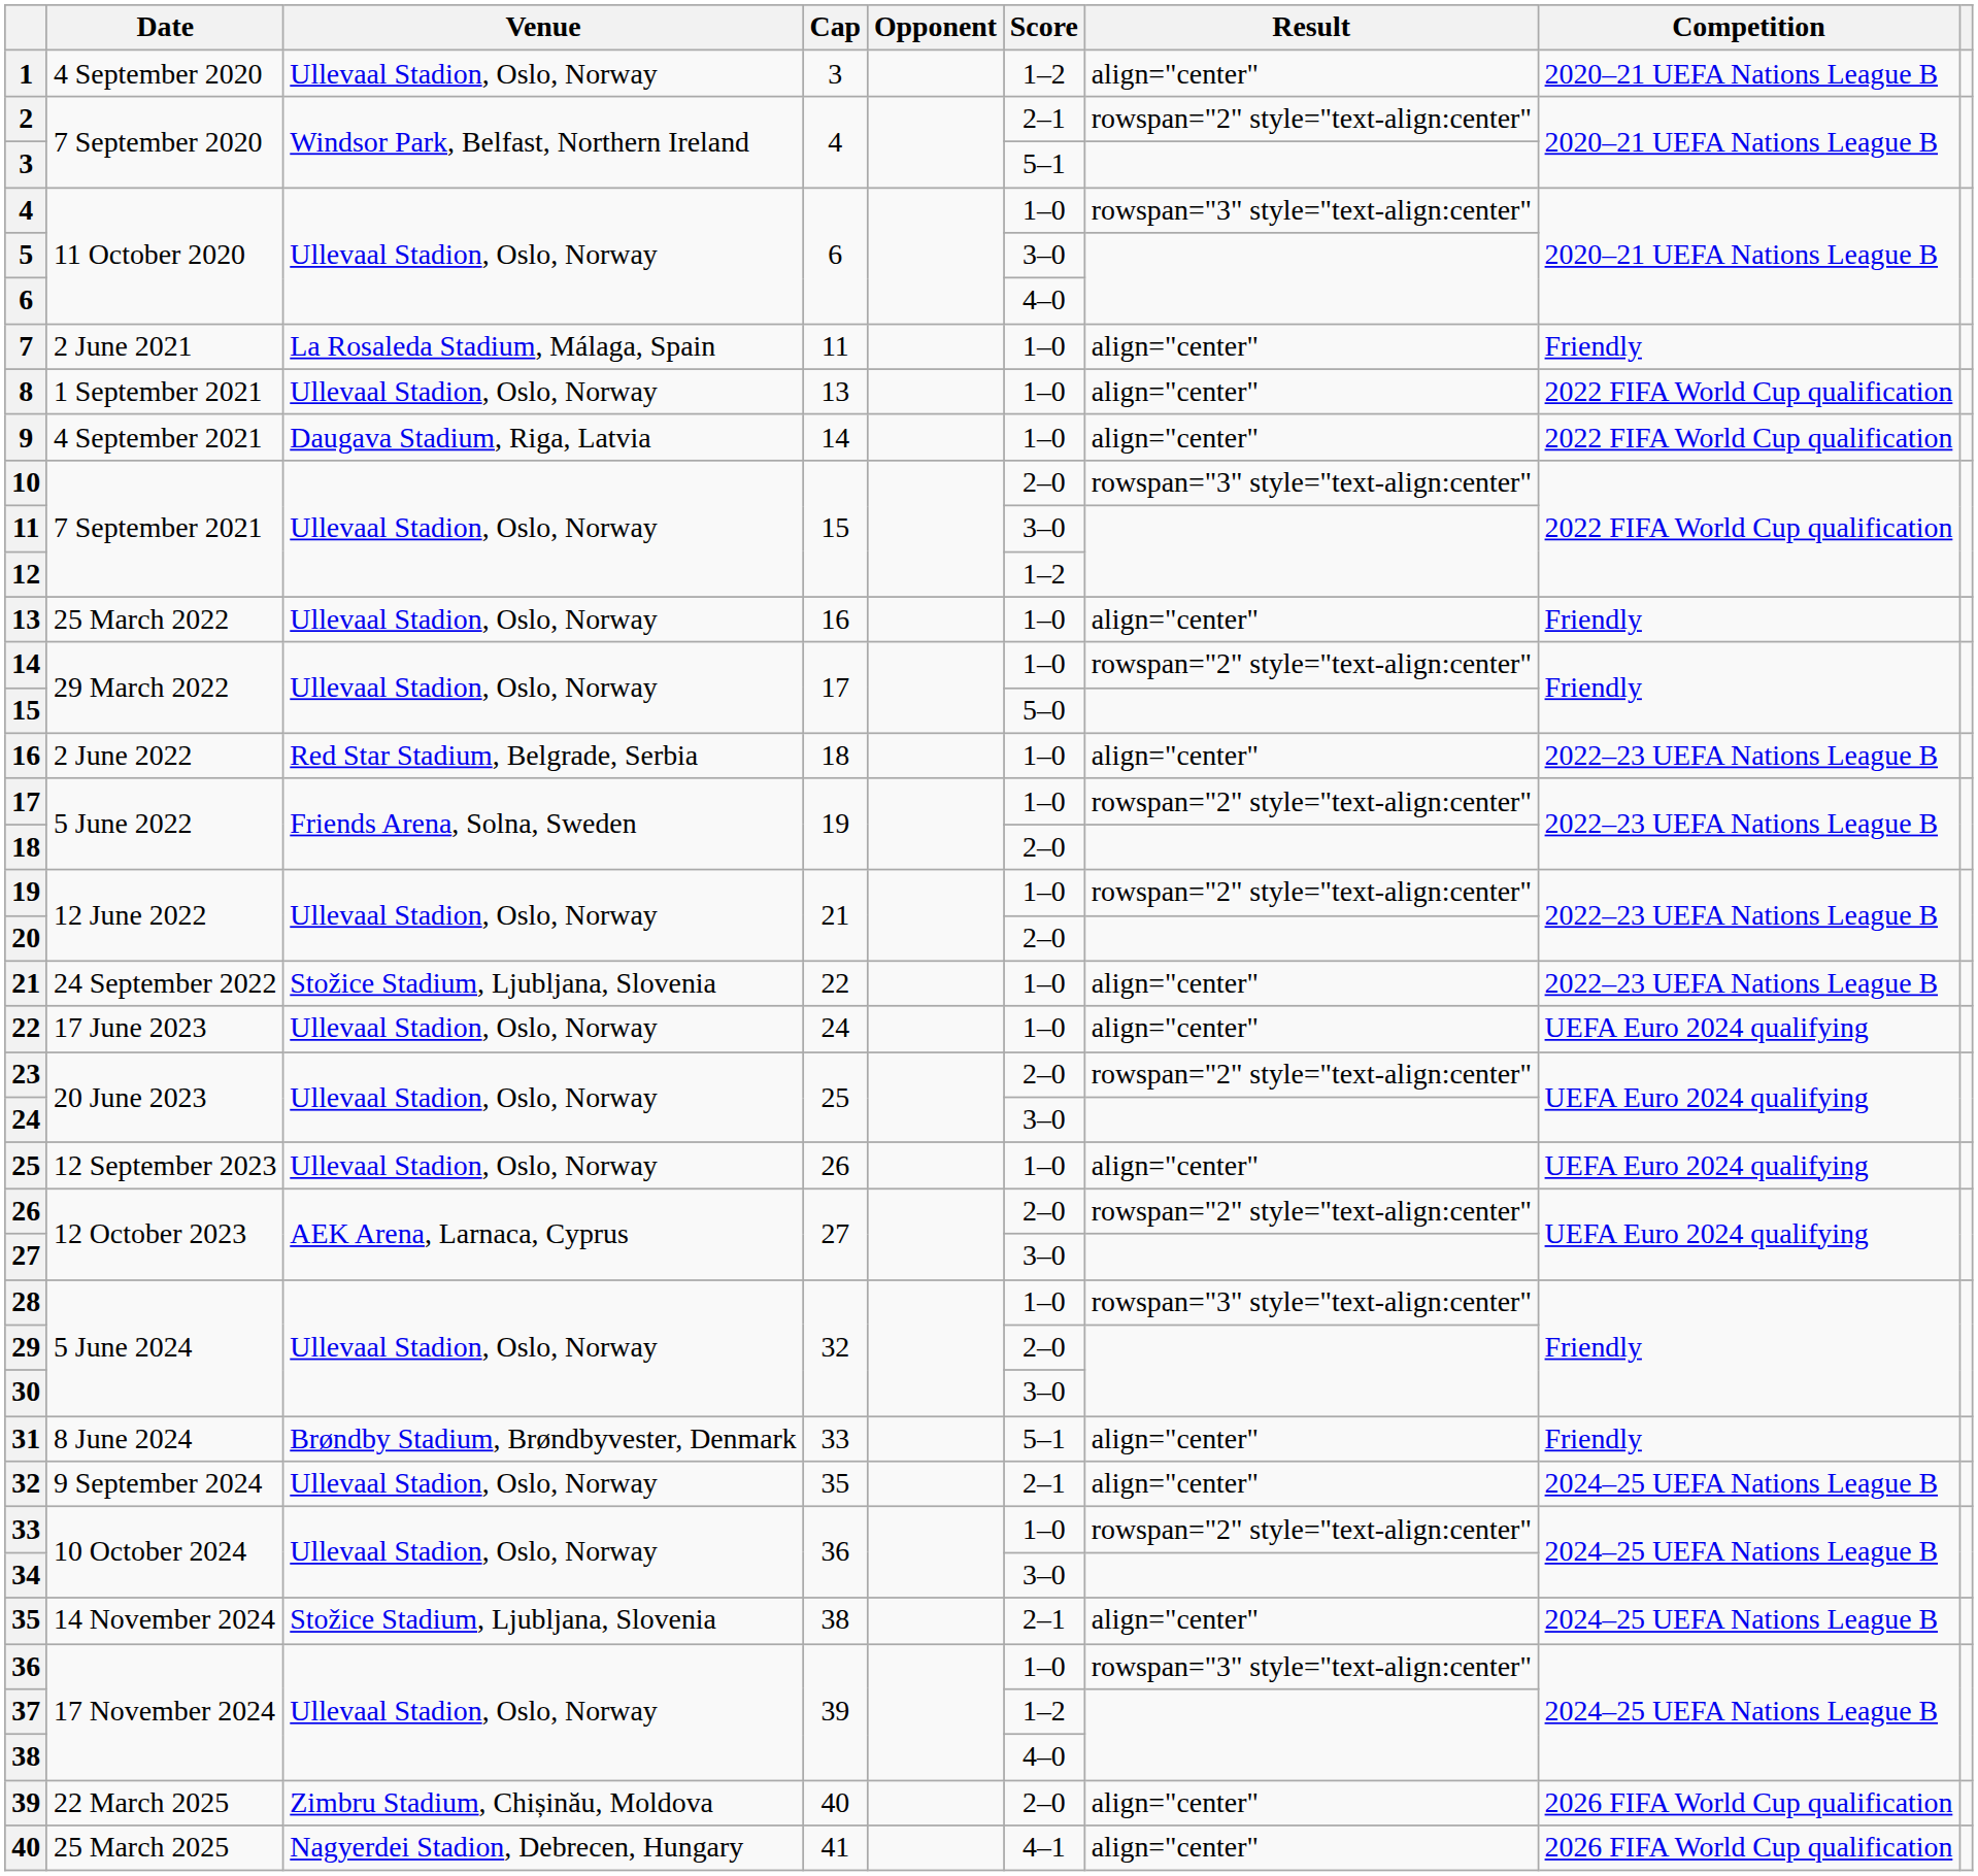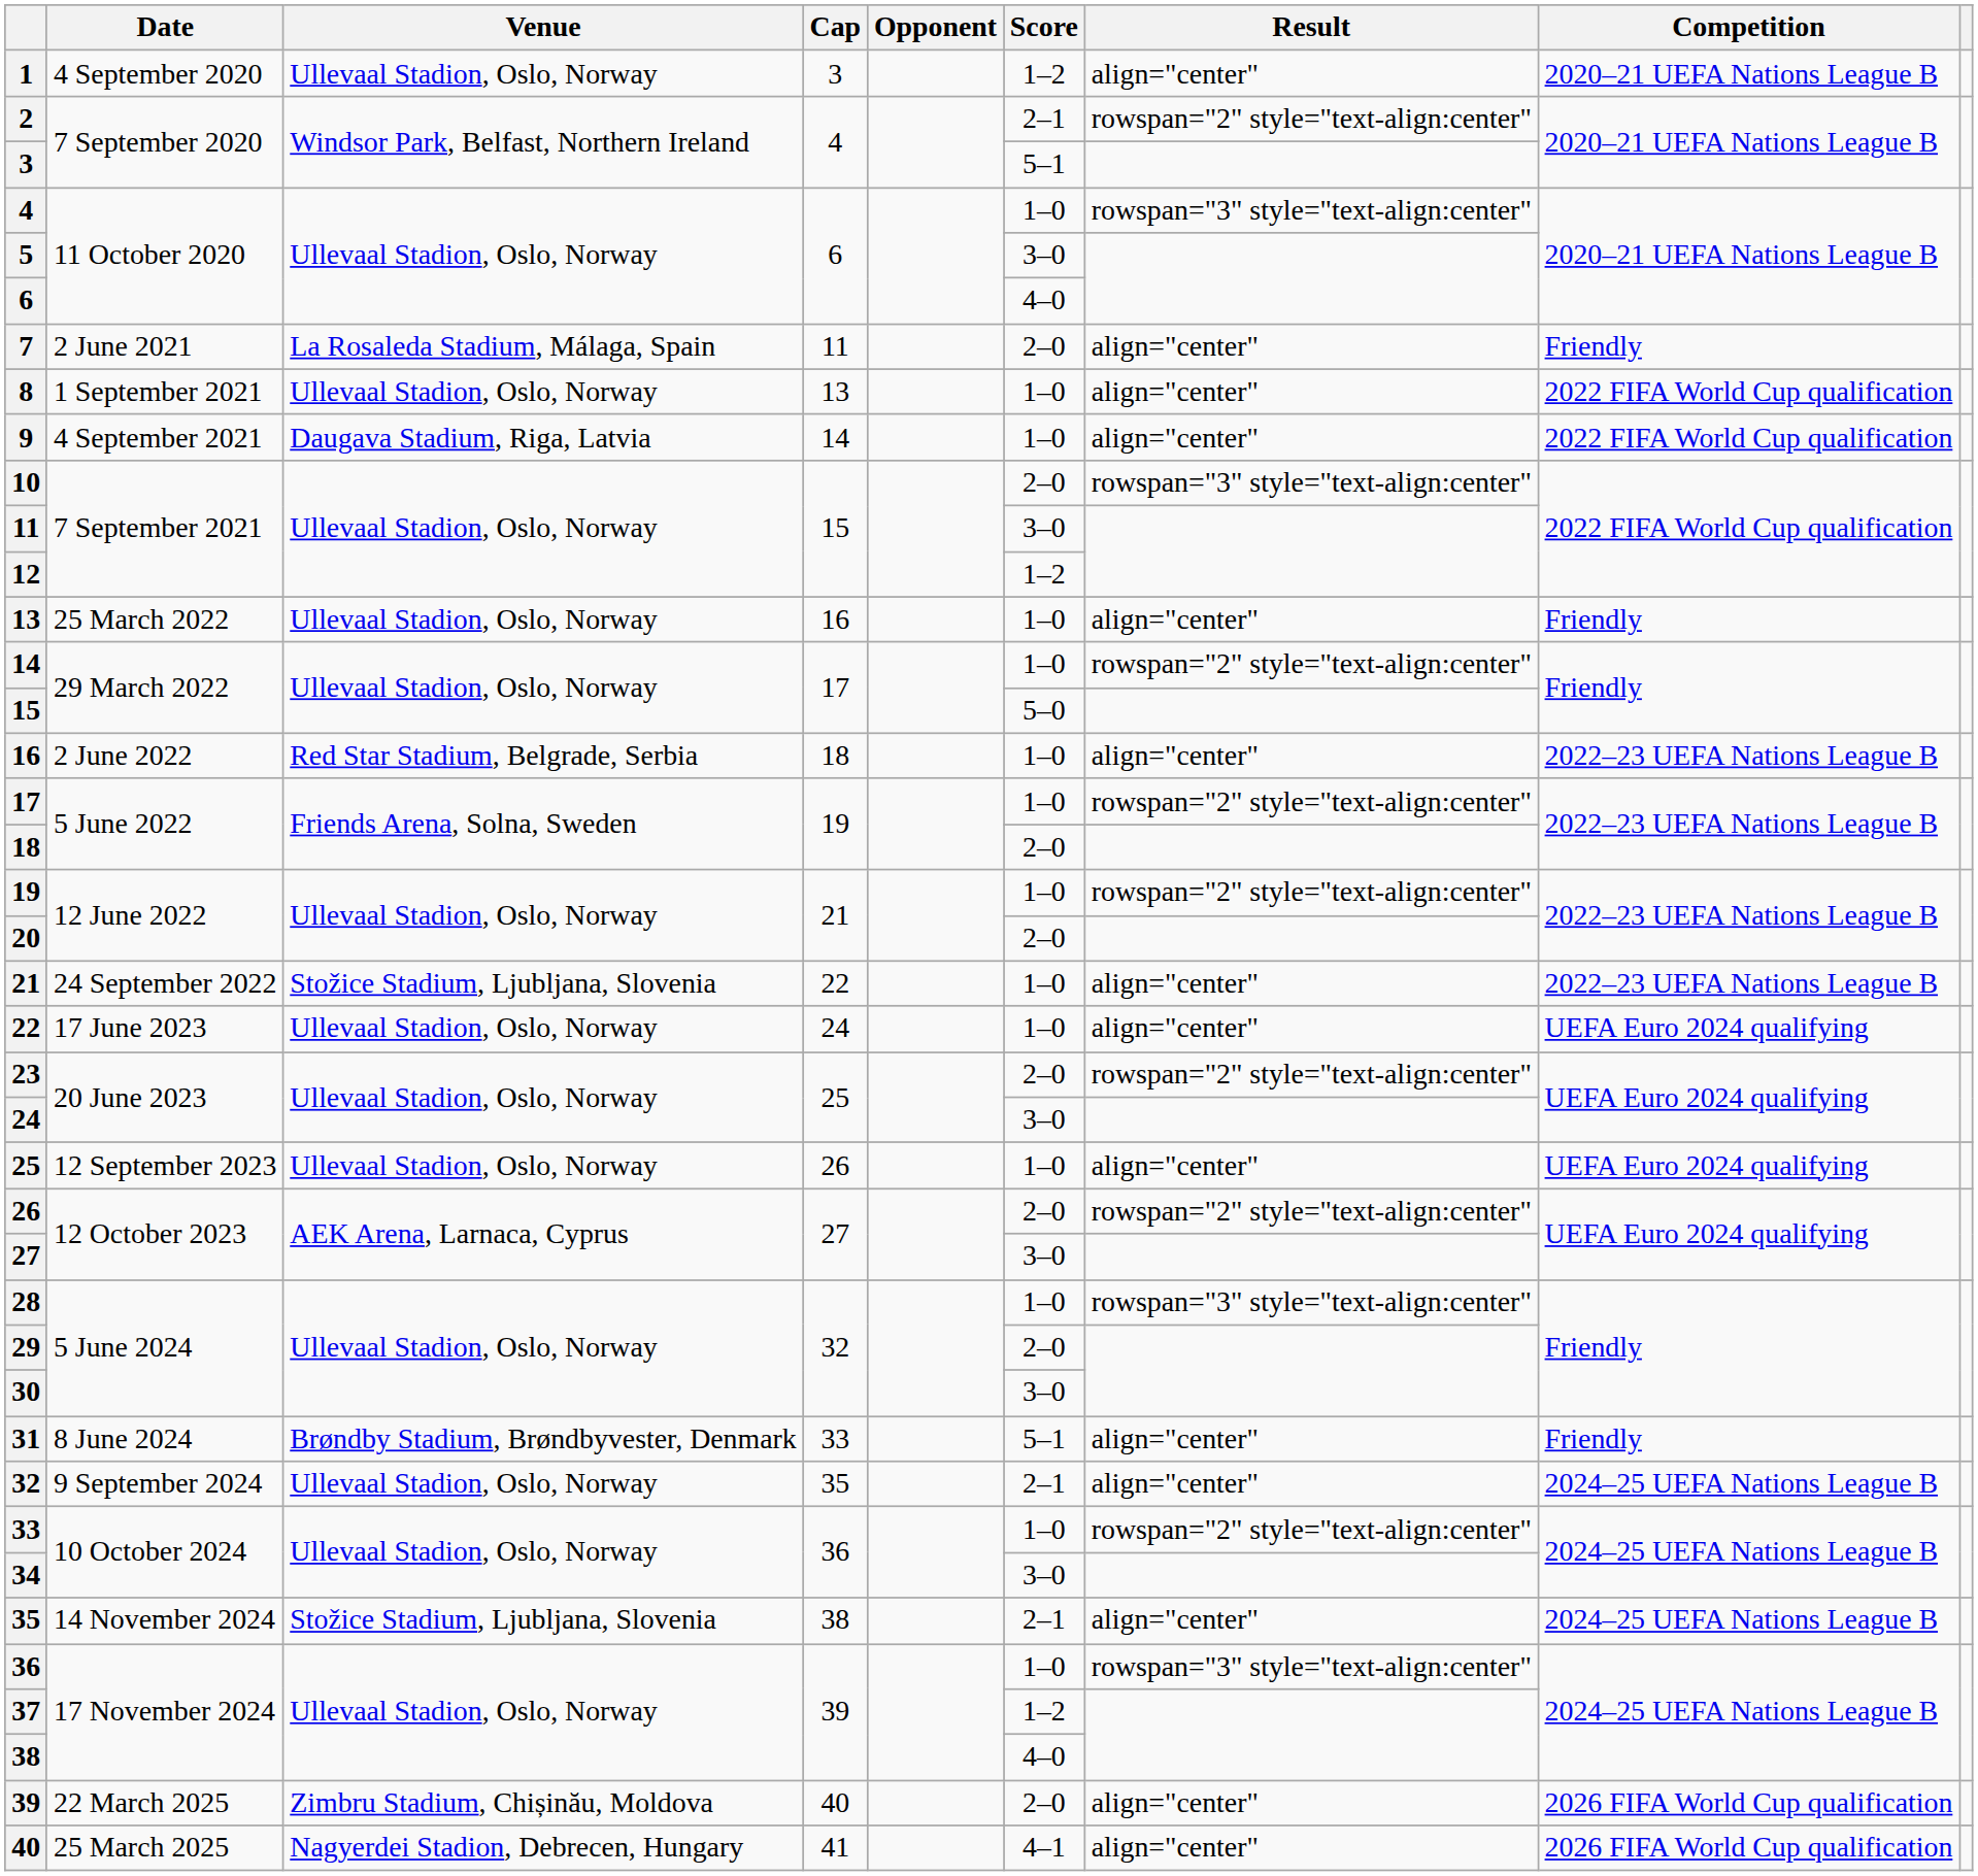 <table class="wikitable plainrowheaders sortable">
 <tr>
 <th scope="col"></th>
 <th scope="col">Date</th>
 <th scope="col">Venue</th>
 <th scope="col">Cap</th>
 <th scope="col">Opponent</th>
 <th scope="col">Score</th>
 <th scope="col">Result</th>
 <th scope="col">Competition</th>
 <th scope="col" class="unsortable"></th>
 </tr>
 <tr>
 <th scope="row" style="text-align: center;">1</th>
 <td>4 September 2020</td>
 <td><a href='#'>Ullevaal Stadion</a>, Oslo, Norway</td>
 <td style="text-align: center;">3</td>
 <td></td>
 <td align=center>1–2</td>
 <td>align="center" </td>
 <td><a href='#'>2020–21 UEFA Nations League B</a></td>
 <td style="text-align: center;"></td>
 </tr>
 <tr>
 <th scope="row" style="text-align: center;">2</th>
 <td rowspan="2">7 September 2020</td>
 <td rowspan="2"><a href='#'>Windsor Park</a>, Belfast, Northern Ireland</td>
 <td style="text-align: center;" rowspan="2">4</td>
 <td rowspan="2"></td>
 <td style="text-align: center;">2–1</td>
 <td>rowspan="2" style="text-align:center" </td>
 <td rowspan="2"><a href='#'>2020–21 UEFA Nations League B</a></td>
 <td style="text-align: center;" rowspan="2"></td>
 </tr>
 <tr>
 <th scope="row" style="text-align: center;">3</th>
 <td style="text-align: center;">5–1</td>
 </tr>
 <tr>
 <th scope="row" style="text-align: center;">4</th>
 <td rowspan="3">11 October 2020</td>
 <td rowspan="3"><a href='#'>Ullevaal Stadion</a>, Oslo, Norway</td>
 <td style="text-align: center;" rowspan="3">6</td>
 <td rowspan="3"></td>
 <td style="text-align: center;">1–0</td>
 <td>rowspan="3" style="text-align:center" </td>
 <td rowspan="3"><a href='#'>2020–21 UEFA Nations League B</a></td>
 <td style="text-align: center;" rowspan="3"></td>
 </tr>
 <tr>
 <th scope="row" style="text-align: center;">5</th>
 <td style="text-align: center;">3–0</td>
 </tr>
 <tr>
 <th scope="row" style="text-align: center;">6</th>
 <td style="text-align: center;">4–0</td>
 </tr>
 <tr>
 <th scope="row" style="text-align: center;">7</th>
 <td>2 June 2021</td>
 <td><a href='#'>La Rosaleda Stadium</a>, Málaga, Spain</td>
 <td style="text-align: center;">11</td>
 <td></td>
-<td style="text-align: center;">1–0</td>
+<td style="text-align: center;">2–0</td>
 <td>align="center" </td>
 <td><a href='#'>Friendly</a></td>
 <td style="text-align: center;"></td>
 </tr>
 <tr>
 <th scope="row" style="text-align: center;">8</th>
 <td>1 September 2021</td>
 <td><a href='#'>Ullevaal Stadion</a>, Oslo, Norway</td>
 <td style="text-align: center;">13</td>
 <td></td>
 <td style="text-align: center;">1–0</td>
 <td>align="center" </td>
 <td><a href='#'>2022 FIFA World Cup qualification</a></td>
 <td style="text-align: center;"></td>
 </tr>
 <tr>
 <th scope="row" style="text-align: center;">9</th>
 <td>4 September 2021</td>
 <td><a href='#'>Daugava Stadium</a>, Riga, Latvia</td>
 <td style="text-align: center;">14</td>
 <td></td>
 <td style="text-align: center;">1–0</td>
 <td>align="center" </td>
 <td><a href='#'>2022 FIFA World Cup qualification</a></td>
 <td style="text-align: center;"></td>
 </tr>
 <tr>
 <th scope="row" style="text-align: center;">10</th>
 <td rowspan="3">7 September 2021</td>
 <td rowspan="3"><a href='#'>Ullevaal Stadion</a>, Oslo, Norway</td>
 <td style="text-align: center;" rowspan="3">15</td>
 <td rowspan="3"></td>
 <td style="text-align: center;">2–0</td>
 <td>rowspan="3" style="text-align:center" </td>
 <td rowspan="3"><a href='#'>2022 FIFA World Cup qualification</a></td>
 <td style="text-align: center;" rowspan="3"></td>
 </tr>
 <tr>
 <th scope="row" style="text-align: center;">11</th>
 <td style="text-align: center;">3–0</td>
 </tr>
 <tr>
 <th scope="row" style="text-align: center;">12</th>
 <td style="text-align: center;">1–2</td>
 </tr>
 <tr>
 <th scope="row" style="text-align: center;">13</th>
 <td>25 March 2022</td>
 <td><a href='#'>Ullevaal Stadion</a>, Oslo, Norway</td>
 <td style="text-align: center;">16</td>
 <td></td>
 <td style="text-align: center;">1–0</td>
 <td>align="center" </td>
 <td><a href='#'>Friendly</a></td>
 <td style="text-align: center;"></td>
 </tr>
 <tr>
 <th scope="row" style="text-align: center;">14</th>
 <td rowspan="2">29 March 2022</td>
 <td rowspan="2"><a href='#'>Ullevaal Stadion</a>, Oslo, Norway</td>
 <td style="text-align: center;" rowspan="2">17</td>
 <td rowspan="2"></td>
 <td style="text-align: center;">1–0</td>
 <td>rowspan="2" style="text-align:center" </td>
 <td rowspan="2"><a href='#'>Friendly</a></td>
 <td style="text-align: center;" rowspan="2"></td>
 </tr>
 <tr>
 <th scope="row" style="text-align: center;">15</th>
 <td style="text-align: center;">5–0</td>
 </tr>
 <tr>
 <th scope="row" style="text-align: center;">16</th>
 <td>2 June 2022</td>
 <td><a href='#'>Red Star Stadium</a>, Belgrade, Serbia</td>
 <td style="text-align: center;">18</td>
 <td></td>
 <td style="text-align: center;">1–0</td>
 <td>align="center" </td>
 <td><a href='#'>2022–23 UEFA Nations League B</a></td>
 <td style="text-align: center;"></td>
 </tr>
 <tr>
 <th scope="row" style="text-align: center;">17</th>
 <td rowspan="2">5 June 2022</td>
 <td rowspan="2"><a href='#'>Friends Arena</a>, Solna, Sweden</td>
 <td style="text-align: center;" rowspan="2">19</td>
 <td rowspan="2"></td>
 <td style="text-align: center;">1–0</td>
 <td>rowspan="2" style="text-align:center" </td>
 <td rowspan="2"><a href='#'>2022–23 UEFA Nations League B</a></td>
 <td style="text-align: center;" rowspan="2"></td>
 </tr>
 <tr>
 <th scope="row" style="text-align: center;">18</th>
 <td style="text-align: center;">2–0</td>
 </tr>
 <tr>
 <th scope="row" style="text-align: center;">19</th>
 <td rowspan="2">12 June 2022</td>
 <td rowspan="2"><a href='#'>Ullevaal Stadion</a>, Oslo, Norway</td>
 <td style="text-align: center;" rowspan="2">21</td>
 <td rowspan="2"></td>
 <td style="text-align: center;">1–0</td>
 <td>rowspan="2" style="text-align:center" </td>
 <td rowspan="2"><a href='#'>2022–23 UEFA Nations League B</a></td>
 <td style="text-align: center;" rowspan="2"></td>
 </tr>
 <tr>
 <th scope="row" style="text-align: center;">20</th>
 <td style="text-align: center;">2–0</td>
 </tr>
 <tr>
 <th scope="row" style="text-align: center;">21</th>
 <td>24 September 2022</td>
 <td><a href='#'>Stožice Stadium</a>, Ljubljana, Slovenia</td>
 <td style="text-align: center;">22</td>
 <td></td>
 <td style="text-align: center;">1–0</td>
 <td>align="center" </td>
 <td><a href='#'>2022–23 UEFA Nations League B</a></td>
 <td style="text-align: center;"></td>
 </tr>
 <tr>
 <th scope="row" style="text-align: center;">22</th>
 <td>17 June 2023</td>
 <td><a href='#'>Ullevaal Stadion</a>, Oslo, Norway</td>
 <td style="text-align: center;">24</td>
 <td></td>
 <td style="text-align: center;">1–0</td>
 <td>align="center" </td>
 <td><a href='#'>UEFA Euro 2024 qualifying</a></td>
 <td style="text-align: center;"></td>
 </tr>
 <tr>
 <th scope="row" style="text-align: center;">23</th>
 <td rowspan="2">20 June 2023</td>
 <td rowspan="2"><a href='#'>Ullevaal Stadion</a>, Oslo, Norway</td>
 <td style="text-align: center;" rowspan="2">25</td>
 <td rowspan="2"></td>
 <td style="text-align: center;">2–0</td>
 <td>rowspan="2" style="text-align:center" </td>
 <td rowspan="2"><a href='#'>UEFA Euro 2024 qualifying</a></td>
 <td style="text-align: center;" rowspan="2"></td>
 </tr>
 <tr>
 <th scope="row" style="text-align: center;">24</th>
 <td style="text-align: center;">3–0</td>
 </tr>
 <tr>
 <th scope="row" style="text-align: center;">25</th>
 <td>12 September 2023</td>
 <td><a href='#'>Ullevaal Stadion</a>, Oslo, Norway</td>
 <td style="text-align: center;">26</td>
 <td></td>
 <td style="text-align: center;">1–0</td>
 <td>align="center" </td>
 <td><a href='#'>UEFA Euro 2024 qualifying</a></td>
 <td style="text-align: center;"></td>
 </tr>
 <tr>
 <th scope="row" style="text-align: center;">26</th>
 <td rowspan="2">12 October 2023</td>
 <td rowspan="2"><a href='#'>AEK Arena</a>, Larnaca, Cyprus</td>
 <td style="text-align: center;" rowspan="2">27</td>
 <td rowspan="2"></td>
 <td style="text-align: center;">2–0</td>
 <td>rowspan="2" style="text-align:center" </td>
 <td rowspan="2"><a href='#'>UEFA Euro 2024 qualifying</a></td>
 <td style="text-align: center;" rowspan="2"></td>
 </tr>
 <tr>
 <th scope="row" style="text-align: center;">27</th>
 <td style="text-align: center;">3–0</td>
 </tr>
 <tr>
 <th scope="row" style="text-align: center;">28</th>
 <td rowspan="3">5 June 2024</td>
 <td rowspan="3"><a href='#'>Ullevaal Stadion</a>, Oslo, Norway</td>
 <td style="text-align: center;" rowspan="3">32</td>
 <td rowspan="3"></td>
 <td style="text-align: center;">1–0</td>
 <td>rowspan="3" style="text-align:center" </td>
 <td rowspan="3"><a href='#'>Friendly</a></td>
 <td style="text-align: center;" rowspan="3"></td>
 </tr>
 <tr>
 <th scope="row" style="text-align: center;">29</th>
 <td style="text-align: center;">2–0</td>
 </tr>
 <tr>
 <th scope="row" style="text-align: center;">30</th>
 <td style="text-align: center;">3–0</td>
 </tr>
 <tr>
 <th scope="row" style="text-align: center;">31</th>
 <td>8 June 2024</td>
 <td><a href='#'>Brøndby Stadium</a>, Brøndbyvester, Denmark</td>
 <td style="text-align: center;">33</td>
 <td></td>
 <td style="text-align: center;">5–1</td>
 <td>align="center" </td>
 <td><a href='#'>Friendly</a></td>
 <td style="text-align: center;"></td>
 </tr>
 <tr>
 <th scope="row" style="text-align: center;">32</th>
 <td>9 September 2024</td>
 <td><a href='#'>Ullevaal Stadion</a>, Oslo, Norway</td>
 <td style="text-align: center;">35</td>
 <td></td>
 <td style="text-align: center;">2–1</td>
 <td>align="center" </td>
 <td><a href='#'>2024–25 UEFA Nations League B</a></td>
 <td style="text-align: center;"></td>
 </tr>
 <tr>
 <th scope="row" style="text-align: center;">33</th>
 <td rowspan="2">10 October 2024</td>
 <td rowspan="2"><a href='#'>Ullevaal Stadion</a>, Oslo, Norway</td>
 <td style="text-align: center;" rowspan="2">36</td>
 <td rowspan="2"></td>
 <td style="text-align: center;">1–0</td>
 <td>rowspan="2" style="text-align:center" </td>
 <td rowspan="2"><a href='#'>2024–25 UEFA Nations League B</a></td>
 <td style="text-align: center;" rowspan="2"></td>
 </tr>
 <tr>
 <th scope="row" style="text-align: center;">34</th>
 <td style="text-align: center;">3–0</td>
 </tr>
 <tr>
 <th scope="row" style="text-align: center;">35</th>
 <td>14 November 2024</td>
 <td><a href='#'>Stožice Stadium</a>, Ljubljana, Slovenia</td>
 <td style="text-align: center;">38</td>
 <td></td>
 <td style="text-align: center;">2–1</td>
 <td>align="center" </td>
 <td><a href='#'>2024–25 UEFA Nations League B</a></td>
 <td style="text-align: center;"></td>
 </tr>
 <tr>
 <th scope="row" style="text-align: center;">36</th>
 <td rowspan="3">17 November 2024</td>
 <td rowspan="3"><a href='#'>Ullevaal Stadion</a>, Oslo, Norway</td>
 <td style="text-align: center;" rowspan="3">39</td>
 <td rowspan="3"></td>
 <td style="text-align: center;">1–0</td>
 <td>rowspan="3" style="text-align:center" </td>
 <td rowspan="3"><a href='#'>2024–25 UEFA Nations League B</a></td>
 <td style="text-align: center;" rowspan="3"></td>
 </tr>
 <tr>
 <th scope="row" style="text-align: center;">37</th>
 <td align=center>1–2</td>
 </tr>
 <tr>
 <th scope="row" style="text-align: center;">38</th>
 <td style="text-align: center;">4–0</td>
 </tr>
 <tr>
 <th scope="row" style="text-align: center;">39</th>
 <td>22 March 2025</td>
 <td><a href='#'>Zimbru Stadium</a>, Chișinău, Moldova</td>
 <td style="text-align: center;">40</td>
 <td></td>
 <td style="text-align: center;">2–0</td>
 <td>align="center" </td>
 <td><a href='#'>2026 FIFA World Cup qualification</a></td>
 <td style="text-align: center;"></td>
 </tr>
 <tr>
 <th scope="row" style="text-align: center;">40</th>
 <td>25 March 2025</td>
 <td><a href='#'>Nagyerdei Stadion</a>, Debrecen, Hungary</td>
 <td style="text-align: center;">41</td>
 <td></td>
 <td style="text-align: center;">4–1</td>
 <td>align="center" </td>
 <td><a href='#'>2026 FIFA World Cup qualification</a></td>
 <td style="text-align: center;"></td>
 </tr>
 </table>
